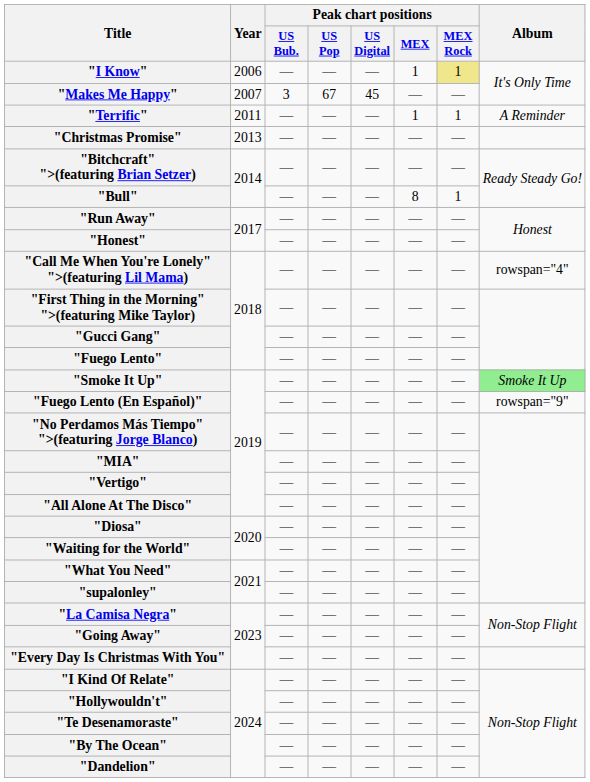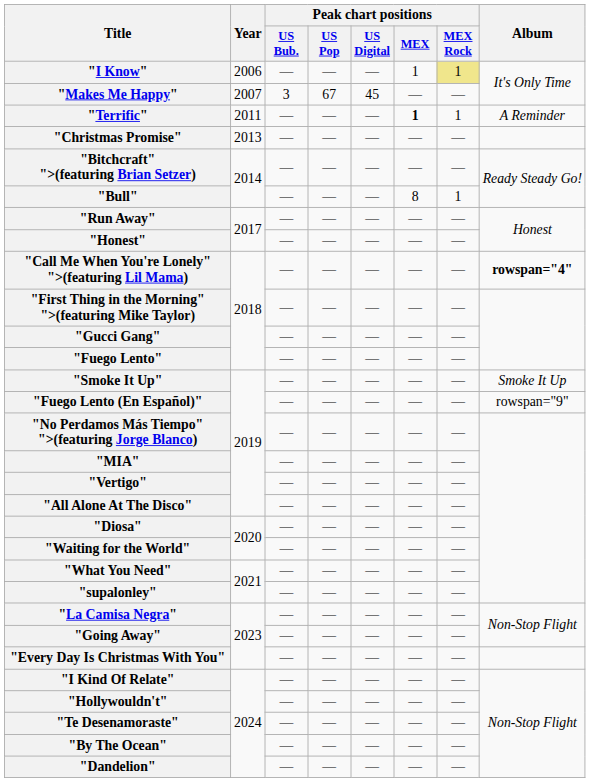 <table class="wikitable plainrowheaders" style="text-align:center;">
 <tr>
 <th scope="col" rowspan="2" style="width:16em;">Title</th>
 <th scope="col" rowspan="2">Year</th>
 <th scope="col" colspan="5">Peak chart positions</th>
 <th scope="col" rowspan="2">Album</th>
 </tr>
 <tr>
 <th scope="col" style="width:3em;font-size:90%;"><a href='#'>US<br>Bub.</a><br></th>
 <th scope="col" style="width:3em;font-size:90%;"><a href='#'>US<br>Pop</a><br></th>
 <th scope="col" style="width:3em;font-size:90%;"><a href='#'>US Digital</a><br></th>
 <th scope="col" style="width:3em;font-size:90%;"><a href='#'>MEX</a><br></th>
 <th scope="col" style="width:3em;font-size:90%;"><a href='#'>MEX Rock</a></th>
 </tr>
 <tr>
 <th scope="row">"<a href='#'>I Know</a>"</th>
 <td>2006</td>
 <td>—</td>
 <td>—</td>
 <td>—</td>
 <td>1</td>
 <td style="background: khaki;">1</td>
 <td rowspan="2"><em>It's Only Time</em></td>
 </tr>
 <tr>
 <th scope="row">"<a href='#'>Makes Me Happy</a>"</th>
 <td>2007</td>
 <td>3</td>
 <td>67</td>
 <td>45</td>
 <td>—</td>
 <td>—</td>
 </tr>
 <tr>
 <th scope="row">"<a href='#'>Terrific</a>"</th>
 <td>2011</td>
 <td>—</td>
 <td>—</td>
 <td>—</td>
-<td>1</td>
+<td><strong>1</strong></td>
 <td>1</td>
 <td><em>A Reminder</em></td>
 </tr>
 <tr>
 <th scope="row">"Christmas Promise"</th>
 <td>2013</td>
 <td>—</td>
 <td>—</td>
 <td>—</td>
 <td>—</td>
 <td>—</td>
 <td></td>
 </tr>
 <tr>
 <th scope="row">"Bitchcraft" <br><span>">(featuring <a href='#'>Brian Setzer</a>)</span></th>
 <td rowspan="2">2014</td>
 <td>—</td>
 <td>—</td>
 <td>—</td>
 <td>—</td>
 <td>—</td>
 <td rowspan="2"><em>Ready Steady Go!</em></td>
 </tr>
 <tr>
 <th scope="row">"Bull"</th>
 <td>—</td>
 <td>—</td>
 <td>—</td>
 <td>8</td>
 <td>1</td>
 </tr>
 <tr>
 <th scope="row">"Run Away"</th>
 <td rowspan="2">2017</td>
 <td>—</td>
 <td>—</td>
 <td>—</td>
 <td>—</td>
 <td>—</td>
 <td rowspan="2"><em>Honest</em></td>
 </tr>
 <tr>
 <th scope="row">"Honest"</th>
 <td>—</td>
 <td>—</td>
 <td>—</td>
 <td>—</td>
 <td>—</td>
 </tr>
 <tr>
 <th scope="row">"Call Me When You're Lonely"<br><span>">(featuring <a href='#'>Lil Mama</a>)</span></th>
 <td rowspan="4">2018</td>
 <td>—</td>
 <td>—</td>
 <td>—</td>
 <td>—</td>
 <td>—</td>
-<td>rowspan="4" </td>
+<td><strong>rowspan="4" </strong></td>
 </tr>
 <tr>
 <th scope="row">"First Thing in the Morning"<br><span>">(featuring Mike Taylor)</span></th>
 <td>—</td>
 <td>—</td>
 <td>—</td>
 <td>—</td>
 <td>—</td>
 </tr>
 <tr>
 <th scope="row">"Gucci Gang"</th>
 <td>—</td>
 <td>—</td>
 <td>—</td>
 <td>—</td>
 <td>—</td>
 </tr>
 <tr>
 <th scope="row">"Fuego Lento"</th>
 <td>—</td>
 <td>—</td>
 <td>—</td>
 <td>—</td>
 <td>—</td>
 </tr>
 <tr>
 <th scope="row">"Smoke It Up"</th>
 <td rowspan="6">2019</td>
 <td>—</td>
 <td>—</td>
 <td>—</td>
 <td>—</td>
 <td>—</td>
-<td style="background: lightgreen;"><em>Smoke It Up</em></td>
+<td><em>Smoke It Up</em></td>
 </tr>
 <tr>
 <th scope="row">"Fuego Lento (En Español)"</th>
 <td>—</td>
 <td>—</td>
 <td>—</td>
 <td>—</td>
 <td>—</td>
 <td>rowspan="9" </td>
 </tr>
 <tr>
 <th scope="row">"No Perdamos Más Tiempo"<br><span>">(featuring <a href='#'>Jorge Blanco</a>)</span></th>
 <td>—</td>
 <td>—</td>
 <td>—</td>
 <td>—</td>
 <td>—</td>
 </tr>
 <tr>
 <th scope="row">"MIA"</th>
 <td>—</td>
 <td>—</td>
 <td>—</td>
 <td>—</td>
 <td>—</td>
 </tr>
 <tr>
 <th scope="row">"Vertigo"</th>
 <td>—</td>
 <td>—</td>
 <td>—</td>
 <td>—</td>
 <td>—</td>
 </tr>
 <tr>
 <th scope="row">"All Alone At The Disco"</th>
 <td>—</td>
 <td>—</td>
 <td>—</td>
 <td>—</td>
 <td>—</td>
 </tr>
 <tr>
 <th scope="row">"Diosa"</th>
 <td rowspan=2>2020</td>
 <td>—</td>
 <td>—</td>
 <td>—</td>
 <td>—</td>
 <td>—</td>
 </tr>
 <tr>
 <th scope="row">"Waiting for the World"</th>
 <td>—</td>
 <td>—</td>
 <td>—</td>
 <td>—</td>
 <td>—</td>
 </tr>
 <tr>
 <th scope="row">"What You Need"</th>
 <td rowspan=2>2021</td>
 <td>—</td>
 <td>—</td>
 <td>—</td>
 <td>—</td>
 <td>—</td>
 </tr>
 <tr>
 <th scope="row">"supalonley"</th>
 <td>—</td>
 <td>—</td>
 <td>—</td>
 <td>—</td>
 <td>—</td>
 </tr>
 <tr>
 <th scope="row">"<a href='#'>La Camisa Negra</a>"</th>
 <td rowspan=3>2023</td>
 <td>—</td>
 <td>—</td>
 <td>—</td>
 <td>—</td>
 <td>—</td>
 <td rowspan="2"><em>Non-Stop Flight</em></td>
 </tr>
 <tr>
 <th scope="row">"Going Away"</th>
 <td>—</td>
 <td>—</td>
 <td>—</td>
 <td>—</td>
 <td>—</td>
 </tr>
 <tr>
 <th scope="row">"Every Day Is Christmas With You"</th>
 <td>—</td>
 <td>—</td>
 <td>—</td>
 <td>—</td>
 <td>—</td>
 <td></td>
 </tr>
 <tr>
 <th scope="row">"I Kind Of Relate"</th>
 <td rowspan="5">2024</td>
 <td>—</td>
 <td>—</td>
 <td>—</td>
 <td>—</td>
 <td>—</td>
 <td rowspan="5"><em>Non-Stop Flight</em></td>
 </tr>
 <tr>
 <th scope="row">"Hollywouldn't"</th>
 <td>—</td>
 <td>—</td>
 <td>—</td>
 <td>—</td>
 <td>—</td>
 </tr>
 <tr>
 <th scope="row">"Te Desenamoraste"</th>
 <td>—</td>
 <td>—</td>
 <td>—</td>
 <td>—</td>
 <td>—</td>
 </tr>
 <tr>
 <th scope="row">"By The Ocean"</th>
 <td>—</td>
 <td>—</td>
 <td>—</td>
 <td>—</td>
 <td>—</td>
 </tr>
 <tr>
 <th scope="row">"Dandelion"</th>
 <td>—</td>
 <td>—</td>
 <td>—</td>
 <td>—</td>
 <td>—</td>
 </tr>
 </table>
